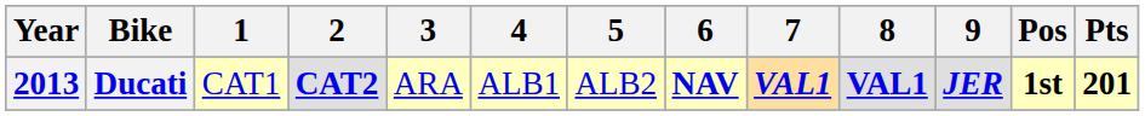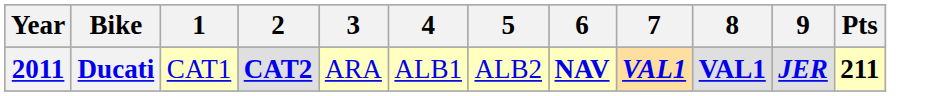 <table class="wikitable" style="text-align:center">
 <tr>
 <th>Year</th>
 <th>Bike</th>
 <th>1</th>
 <th>2</th>
 <th>3</th>
 <th>4</th>
 <th>5</th>
 <th>6</th>
 <th>7</th>
 <th>8</th>
 <th>9</th>
-<th>Pos</th>
 <th>Pts</th>
 </tr>
 <tr>
-<th><a href='#'>2013</a></th>
+<th><a href='#'>2011</a></th>
 <th><a href='#'>Ducati</a></th>
 <td style="background:#ffffbf;"><a href='#'>CAT1</a><br></td>
 <td style="background:#dfdfdf;"><strong><a href='#'>CAT2</a><br></strong></td>
 <td style="background:#ffffbf;"><a href='#'>ARA</a><br></td>
 <td style="background:#ffffbf;"><a href='#'>ALB1</a><br></td>
 <td style="background:#ffffbf;"><a href='#'>ALB2</a><br></td>
 <td style="background:#ffffbf;"><strong><a href='#'>NAV</a></strong><br></td>
 <td style="background:#ffdf9f;"><strong><em><a href='#'>VAL1</a></em></strong><br></td>
 <td style="background:#dfdfdf"><strong><a href='#'>VAL1</a></strong><br></td>
 <td style="background:#dfdfdf;"><strong><em><a href='#'>JER</a></em></strong><br></td>
-<th style="background:#ffffbf;">1st</th>
-<th style="background:#ffffbf;">201</th>
+<th style="background:#ffffbf;">211</th>
 </tr>
 </table>
